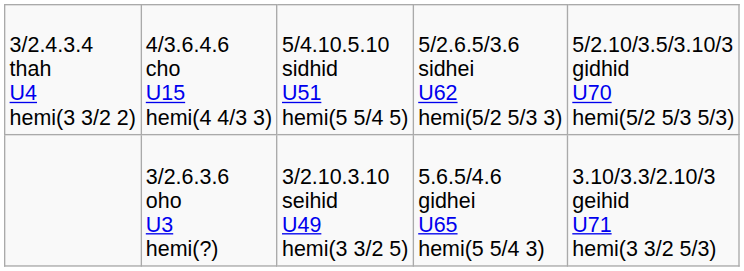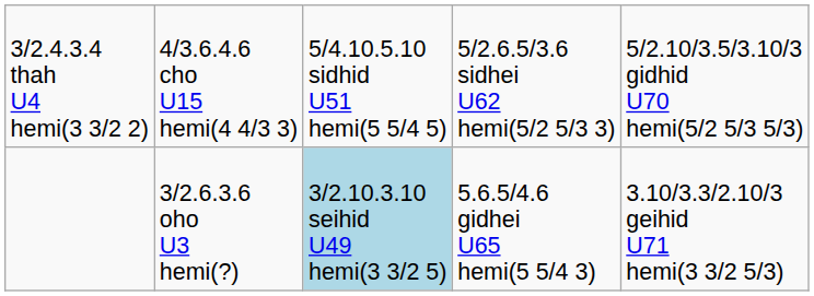 <table class="wikitable">
 <tr>
 <td><br>3/2.4.3.4<br>thah<br><a href='#'>U4</a><br>hemi(3 3/2  2)</td>
 <td><br>4/3.6.4.6<br>cho<br><a href='#'>U15</a><br>hemi(4 4/3  3)</td>
 <td><br>5/4.10.5.10<br>sidhid<br><a href='#'>U51</a><br>hemi(5 5/4  5)</td>
 <td><br>5/2.6.5/3.6<br>sidhei<br><a href='#'>U62</a><br>hemi(5/2 5/3  3)</td>
 <td><br>5/2.10/3.5/3.10/3<br>gidhid<br><a href='#'>U70</a><br>hemi(5/2 5/3  5/3)</td>
 </tr>
 <tr>
 <td> </td>
 <td><br>3/2.6.3.6<br>oho<br><a href='#'>U3</a><br>hemi(?)</td>
-<td><br>3/2.10.3.10<br>seihid<br><a href='#'>U49</a><br>hemi(3 3/2  5)</td>
+<td style="background: lightblue;"><br>3/2.10.3.10<br>seihid<br><a href='#'>U49</a><br>hemi(3 3/2  5)</td>
 <td><br>5.6.5/4.6<br>gidhei<br><a href='#'>U65</a><br>hemi(5 5/4  3)</td>
 <td><br>3.10/3.3/2.10/3<br>geihid<br><a href='#'>U71</a><br>hemi(3 3/2  5/3)</td>
 </tr>
 </table>
